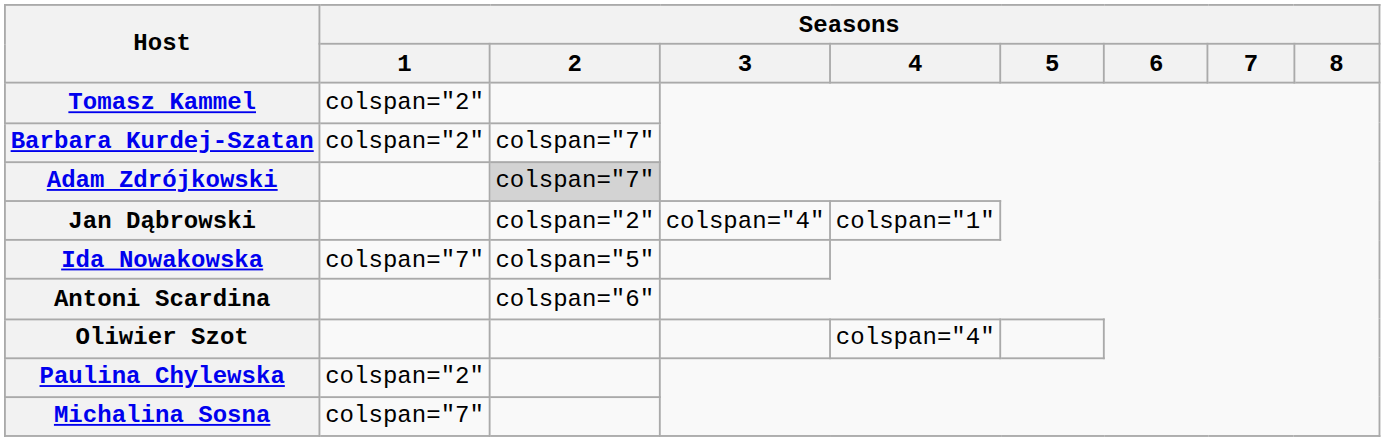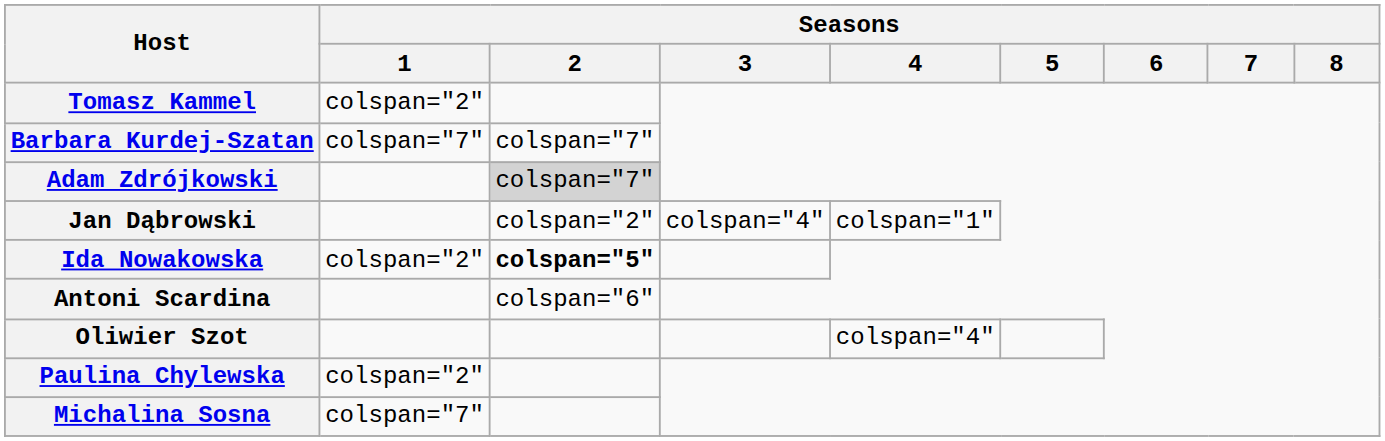 <table class="wikitable">
 <tr>
 <th rowspan="2">Host</th>
 <th colspan="21">Seasons</th>
 </tr>
 <tr>
 <th width="50">1</th>
 <th width="50">2</th>
 <th width="50">3</th>
 <th width="50">4</th>
 <th width="50">5</th>
 <th width="50">6</th>
 <th width="40">7</th>
 <th width="40">8</th>
 </tr>
 <tr>
 <th scope="row"><a href='#'>Tomasz Kammel</a></th>
 <td>colspan="2" </td>
 <td></td>
 </tr>
 <tr>
 <th scope="row"><a href='#'>Barbara Kurdej-Szatan</a></th>
-<td>colspan="2" </td>
+<td>colspan="7" </td>
 <td>colspan="7" </td>
 </tr>
 <tr>
 <th scope="row"><a href='#'>Adam Zdrójkowski</a></th>
 <td></td>
 <td style="background: lightgrey;">colspan="7" </td>
 </tr>
 <tr>
 <th scope="row">Jan Dąbrowski</th>
 <td></td>
 <td>colspan="2" </td>
 <td>colspan="4" </td>
 <td>colspan="1" </td>
 </tr>
 <tr>
 <th scope="row"><a href='#'>Ida Nowakowska</a></th>
-<td>colspan="7" </td>
-<td>colspan="5" </td>
+<td>colspan="2" </td>
+<td><strong>colspan="5" </strong></td>
 <td></td>
 </tr>
 <tr>
 <th scope="row">Antoni Scardina</th>
 <td></td>
 <td>colspan="6" </td>
 </tr>
 <tr>
 <th scope="row">Oliwier Szot</th>
 <td></td>
 <td></td>
 <td></td>
 <td>colspan="4" </td>
 <td></td>
 </tr>
 <tr>
 <th scope="row"><a href='#'>Paulina Chylewska</a></th>
 <td>colspan="2" </td>
 <td></td>
 </tr>
 <tr>
 <th scope="row"><a href='#'>Michalina Sosna</a></th>
 <td>colspan="7" </td>
 <td></td>
 </tr>
 </table>
